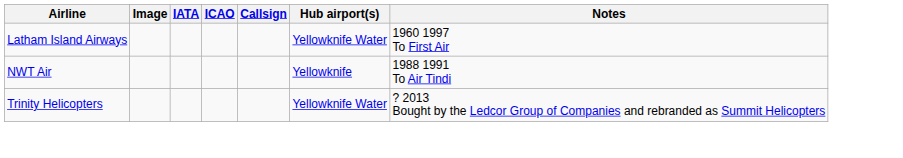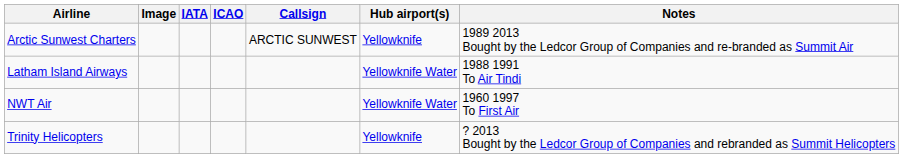 <table class="wikitable sortable" style="border: 0; cellpadding: 2; cellspacing: 3;">
 <tr valign="middle">
 <th>Airline</th>
 <th>Image</th>
 <th><a href='#'>IATA</a></th>
 <th><a href='#'>ICAO</a></th>
 <th><a href='#'>Callsign</a></th>
 <th>Hub airport(s)</th>
 <th class="unsortable">Notes</th>
 </tr>
 <tr>
+<td><a href='#'>Arctic Sunwest Charters</a></td>
+<td></td>
+<td></td>
+<td></td>
+<td>ARCTIC SUNWEST</td>
+<td><a href='#'>Yellowknife</a></td>
+<td>1989  2013<br>Bought by the Ledcor Group of Companies and re-branded as <a href='#'>Summit Air</a></td>
+</tr>
+<tr>
 <td><a href='#'>Latham Island Airways</a></td>
+<td></td>
+<td></td>
+<td></td>
+<td></td>
+<td><a href='#'>Yellowknife Water</a></td>
+<td>1988   1991<br>To <a href='#'>Air Tindi</a></td>
+</tr>
+<tr>
+<td><a href='#'>NWT Air</a></td>
 <td></td>
 <td></td>
 <td></td>
 <td></td>
 <td><a href='#'>Yellowknife Water</a></td>
 <td>1960  1997<br>To <a href='#'>First Air</a></td>
 </tr>
 <tr>
-<td><a href='#'>NWT Air</a></td>
+<td><a href='#'>Trinity Helicopters</a></td>
 <td></td>
 <td></td>
 <td></td>
 <td></td>
 <td><a href='#'>Yellowknife</a></td>
-<td>1988   1991<br>To <a href='#'>Air Tindi</a></td>
-</tr>
-<tr>
-<td><a href='#'>Trinity Helicopters</a></td>
-<td></td>
-<td></td>
-<td></td>
-<td></td>
-<td><a href='#'>Yellowknife Water</a></td>
 <td>?  2013<br>Bought by the <a href='#'>Ledcor Group of Companies</a> and rebranded as <a href='#'>Summit Helicopters</a></td>
 </tr>
 </table>
